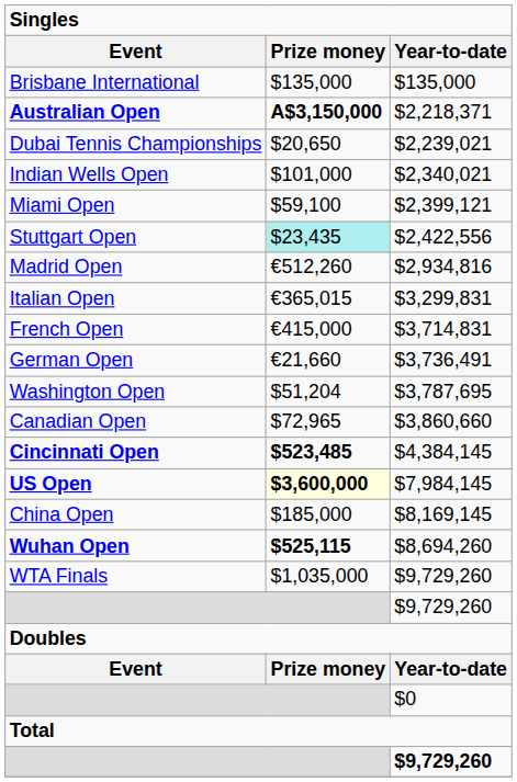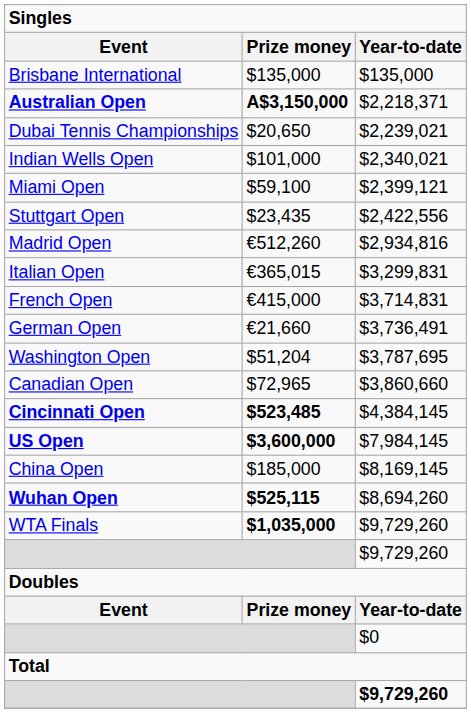 <table class="wikitable sortable">
 <tr>
 <td colspan=3><strong>Singles</strong></td>
 </tr>
 <tr>
 <th>Event</th>
 <th>Prize money</th>
 <th>Year-to-date</th>
 </tr>
 <tr>
 <td><a href='#'>Brisbane International</a></td>
 <td>$135,000</td>
 <td>$135,000</td>
 </tr>
 <tr>
 <td><strong><a href='#'>Australian Open</a></strong></td>
 <td><strong>A$3,150,000</strong></td>
 <td>$2,218,371</td>
 </tr>
 <tr>
 <td><a href='#'>Dubai Tennis Championships</a></td>
 <td>$20,650</td>
 <td>$2,239,021</td>
 </tr>
 <tr>
 <td><a href='#'>Indian Wells Open</a></td>
 <td>$101,000</td>
 <td>$2,340,021</td>
 </tr>
 <tr>
 <td><a href='#'>Miami Open</a></td>
 <td>$59,100</td>
 <td>$2,399,121</td>
 </tr>
 <tr>
 <td><a href='#'>Stuttgart Open</a></td>
-<td style="background: paleturquoise;">$23,435</td>
+<td>$23,435</td>
 <td>$2,422,556</td>
 </tr>
 <tr>
 <td><a href='#'>Madrid Open</a></td>
 <td>€512,260</td>
 <td>$2,934,816</td>
 </tr>
 <tr>
 <td><a href='#'>Italian Open</a></td>
 <td>€365,015</td>
 <td>$3,299,831</td>
 </tr>
 <tr>
 <td><a href='#'>French Open</a></td>
 <td>€415,000</td>
 <td>$3,714,831</td>
 </tr>
 <tr>
 <td><a href='#'>German Open</a></td>
 <td>€21,660</td>
 <td>$3,736,491</td>
 </tr>
 <tr>
 <td><a href='#'>Washington Open</a></td>
 <td>$51,204</td>
 <td>$3,787,695</td>
 </tr>
 <tr>
 <td><a href='#'>Canadian Open</a></td>
 <td>$72,965</td>
 <td>$3,860,660</td>
 </tr>
 <tr>
 <td><strong><a href='#'>Cincinnati Open</a></strong></td>
 <td><strong>$523,485</strong></td>
 <td>$4,384,145</td>
 </tr>
 <tr>
 <td><strong><a href='#'>US Open</a></strong></td>
-<td style="background: lightyellow;"><strong> $3,600,000</strong></td>
+<td><strong> $3,600,000</strong></td>
 <td>$7,984,145</td>
 </tr>
 <tr>
 <td><a href='#'>China Open</a></td>
 <td>$185,000</td>
 <td>$8,169,145</td>
 </tr>
 <tr>
 <td><strong><a href='#'>Wuhan Open</a></strong></td>
 <td><strong>$525,115</strong></td>
 <td>$8,694,260</td>
 </tr>
 <tr>
 <td><a href='#'>WTA Finals</a></td>
-<td>$1,035,000</td>
+<td><strong>$1,035,000</strong></td>
 <td>$9,729,260</td>
 </tr>
 <tr class="sortbottom">
 <td colspan=2 bgcolor=#DCDCDC></td>
 <td>$9,729,260</td>
 </tr>
 <tr>
 <td colspan=3><strong>Doubles</strong></td>
 </tr>
 <tr>
 <th>Event</th>
 <th>Prize money</th>
 <th>Year-to-date</th>
 </tr>
 <tr class="sortbottom">
 <td colspan=2 bgcolor=#DCDCDC></td>
 <td>$0</td>
 </tr>
 <tr>
 <td colspan=3><strong>Total</strong> </td>
 </tr>
 <tr class="sortbottom">
 <td colspan=2 bgcolor=#DCDCDC></td>
 <td><strong>$9,729,260</strong></td>
 </tr>
 <tr>
 </tr>
 </table>
